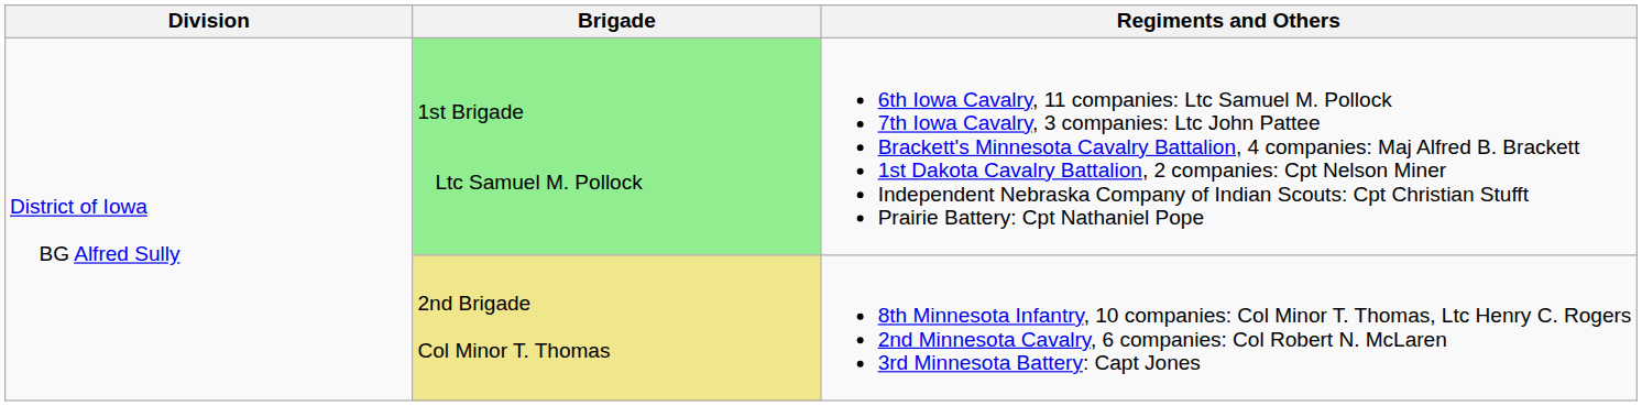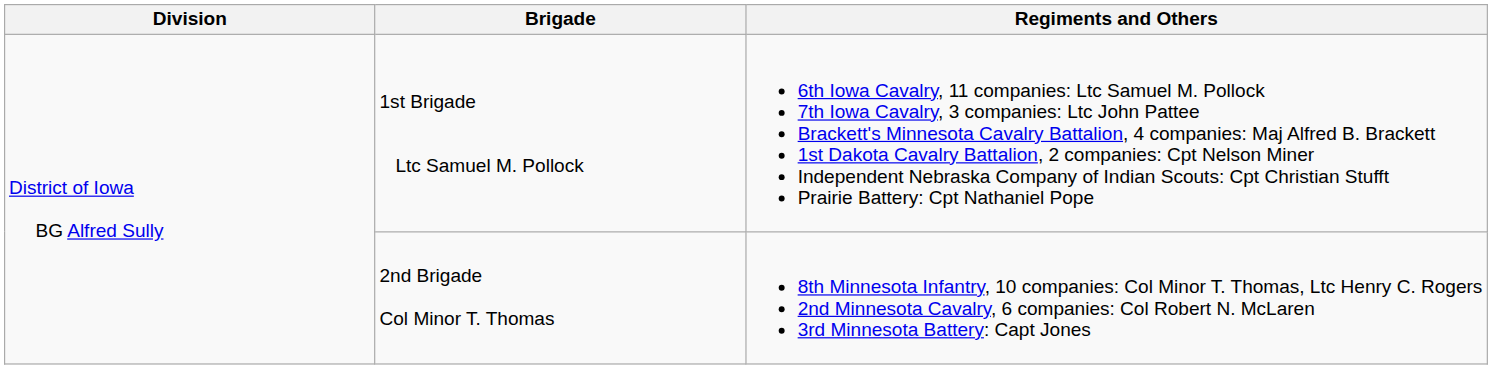 <table class="wikitable">
 <tr>
 <th width=25%>Division</th>
 <th width=25%>Brigade</th>
 <th>Regiments and Others</th>
 </tr>
 <tr>
 <td rowspan=2><br><a href='#'>District of Iowa</a><br><br>     BG <a href='#'>Alfred Sully</a></td>
-<td style="background: lightgreen;">1st Brigade<br><br><br>   Ltc Samuel M. Pollock</td>
+<td>1st Brigade<br><br><br>   Ltc Samuel M. Pollock</td>
 <td><br><ul><li><a href='#'>6th Iowa Cavalry</a>, 11 companies: Ltc Samuel M. Pollock</li><li><a href='#'>7th Iowa Cavalry</a>, 3 companies: Ltc John Pattee</li><li><a href='#'>Brackett's Minnesota Cavalry Battalion</a>, 4 companies: Maj Alfred B. Brackett</li><li><a href='#'>1st Dakota Cavalry Battalion</a>, 2 companies: Cpt Nelson Miner</li><li>Independent Nebraska Company of Indian Scouts: Cpt Christian Stufft</li><li>Prairie Battery: Cpt Nathaniel Pope</li></ul></td>
 </tr>
 <tr>
-<td style="background: khaki;">2nd Brigade<br><br>Col Minor T. Thomas</td>
+<td>2nd Brigade<br><br>Col Minor T. Thomas</td>
 <td><br><ul><li><a href='#'>8th Minnesota Infantry</a>, 10 companies: Col Minor T. Thomas, Ltc Henry C. Rogers</li><li><a href='#'>2nd Minnesota Cavalry</a>, 6 companies: Col Robert N. McLaren</li><li><a href='#'>3rd Minnesota Battery</a>: Capt Jones</li></ul></td>
 </tr>
 </table>
